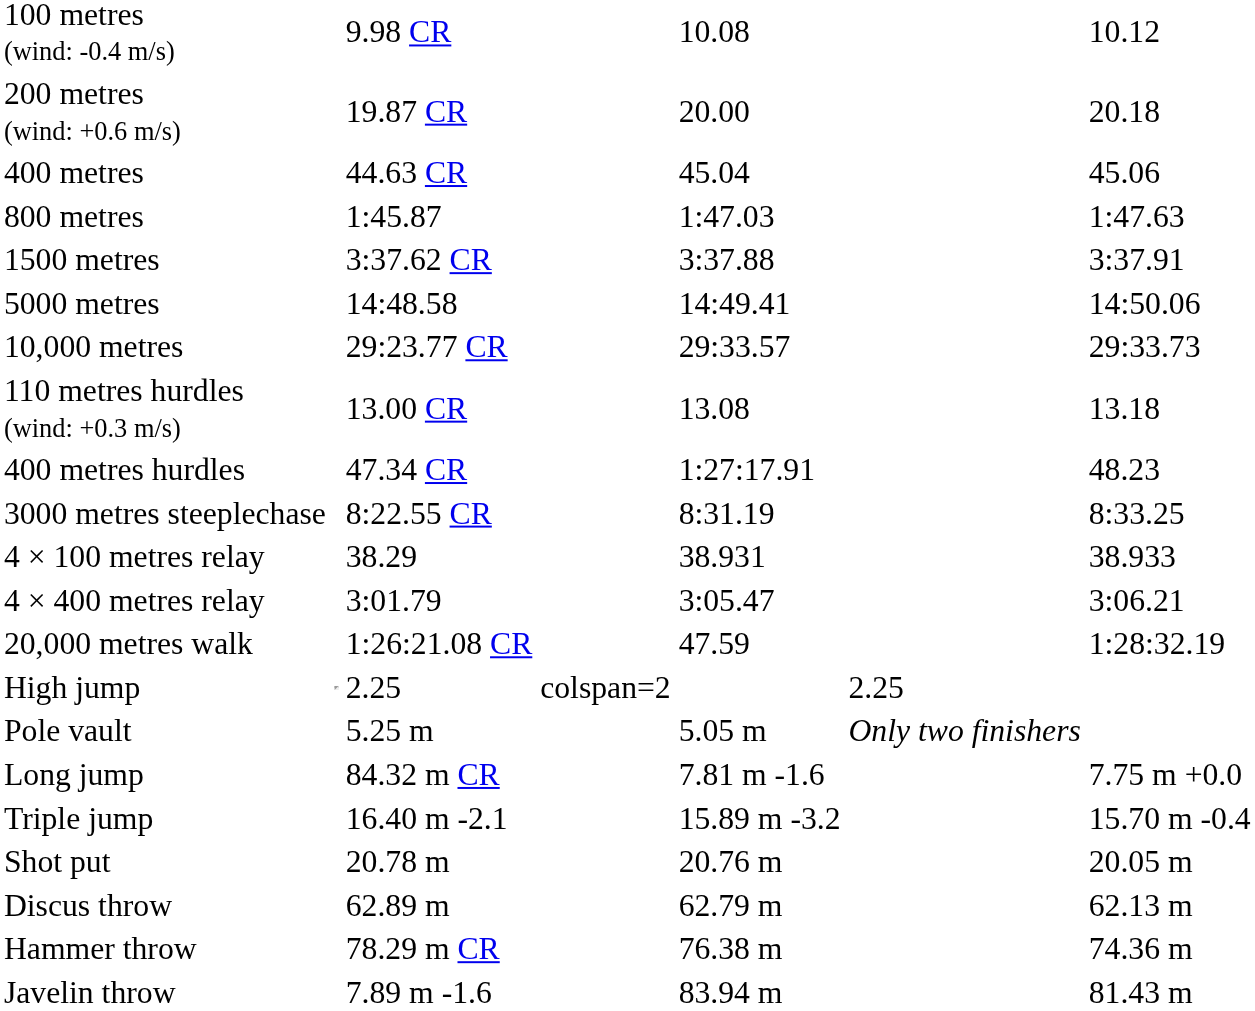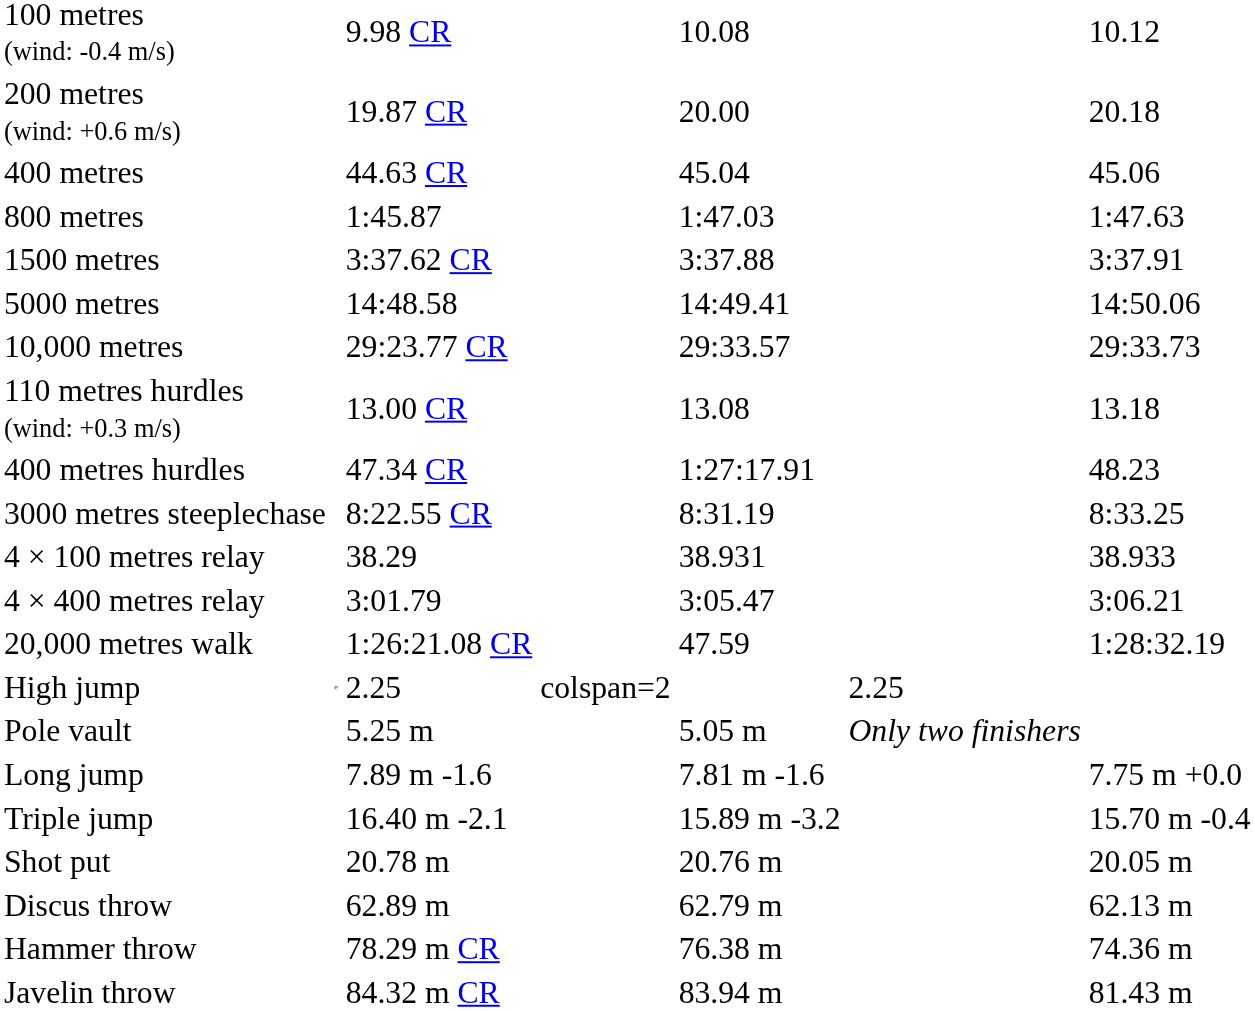 <table>
 <tr>
 <td>100 metres<br><small>(wind: -0.4 m/s)</small></td>
 <td></td>
 <td>9.98 <a href='#'>CR</a></td>
 <td></td>
 <td>10.08</td>
 <td></td>
 <td>10.12</td>
 </tr>
 <tr>
 <td>200 metres<br><small>(wind: +0.6 m/s)</small></td>
 <td></td>
 <td>19.87 <a href='#'>CR</a></td>
 <td></td>
 <td>20.00</td>
 <td></td>
 <td>20.18</td>
 </tr>
 <tr>
 <td>400 metres</td>
 <td></td>
 <td>44.63 <a href='#'>CR</a></td>
 <td></td>
 <td>45.04</td>
 <td></td>
 <td>45.06</td>
 </tr>
 <tr>
 <td>800 metres</td>
 <td></td>
 <td>1:45.87</td>
 <td></td>
 <td>1:47.03</td>
 <td></td>
 <td>1:47.63</td>
 </tr>
 <tr>
 <td>1500 metres</td>
 <td></td>
 <td>3:37.62 <a href='#'>CR</a></td>
 <td></td>
 <td>3:37.88</td>
 <td></td>
 <td>3:37.91</td>
 </tr>
 <tr>
 <td>5000 metres</td>
 <td></td>
 <td>14:48.58</td>
 <td></td>
 <td>14:49.41</td>
 <td></td>
 <td>14:50.06</td>
 </tr>
 <tr>
 <td>10,000 metres</td>
 <td></td>
 <td>29:23.77 <a href='#'>CR</a></td>
 <td></td>
 <td>29:33.57</td>
 <td></td>
 <td>29:33.73</td>
 </tr>
 <tr>
 <td>110 metres hurdles<br><small>(wind: +0.3 m/s)</small></td>
 <td></td>
 <td>13.00 <a href='#'>CR</a></td>
 <td></td>
 <td>13.08</td>
 <td></td>
 <td>13.18</td>
 </tr>
 <tr>
 <td>400 metres hurdles</td>
 <td></td>
 <td>47.34 <a href='#'>CR</a></td>
 <td></td>
 <td>1:27:17.91</td>
 <td></td>
 <td>48.23</td>
 </tr>
 <tr>
 <td>3000 metres steeplechase</td>
 <td></td>
 <td>8:22.55 <a href='#'>CR</a></td>
 <td></td>
 <td>8:31.19</td>
 <td></td>
 <td>8:33.25</td>
 </tr>
 <tr>
 <td>4 × 100 metres relay</td>
 <td></td>
 <td>38.29</td>
 <td></td>
 <td>38.931</td>
 <td></td>
 <td>38.933</td>
 </tr>
 <tr>
 <td>4 × 400 metres relay</td>
 <td></td>
 <td>3:01.79</td>
 <td></td>
 <td>3:05.47</td>
 <td></td>
 <td>3:06.21</td>
 </tr>
 <tr>
 <td>20,000 metres walk</td>
 <td></td>
 <td>1:26:21.08 <a href='#'>CR</a></td>
 <td></td>
 <td>47.59</td>
 <td></td>
 <td>1:28:32.19</td>
 </tr>
 <tr>
 <td>High jump</td>
 <td> <hr>  </td>
 <td>2.25</td>
 <td>colspan=2 </td>
 <td></td>
 <td>2.25</td>
 </tr>
 <tr>
 <td>Pole vault</td>
 <td></td>
 <td>5.25 m</td>
 <td></td>
 <td>5.05 m</td>
 <td><em>Only two finishers</em></td>
 <td></td>
 </tr>
 <tr>
 <td>Long jump</td>
 <td></td>
-<td>84.32 m <a href='#'>CR</a></td>
+<td>7.89 m -1.6</td>
 <td></td>
 <td>7.81 m -1.6</td>
 <td></td>
 <td>7.75 m +0.0</td>
 </tr>
 <tr>
 <td>Triple jump</td>
 <td></td>
 <td>16.40 m -2.1</td>
 <td></td>
 <td>15.89 m -3.2</td>
 <td></td>
 <td>15.70 m -0.4</td>
 </tr>
 <tr>
 <td>Shot put</td>
 <td></td>
 <td>20.78 m</td>
 <td></td>
 <td>20.76 m</td>
 <td></td>
 <td>20.05 m</td>
 </tr>
 <tr>
 <td>Discus throw</td>
 <td></td>
 <td>62.89 m</td>
 <td></td>
 <td>62.79 m</td>
 <td></td>
 <td>62.13 m</td>
 </tr>
 <tr>
 <td>Hammer throw</td>
 <td></td>
 <td>78.29 m <a href='#'>CR</a></td>
 <td></td>
 <td>76.38 m</td>
 <td></td>
 <td>74.36 m</td>
 </tr>
 <tr>
 <td>Javelin throw</td>
 <td></td>
-<td>7.89 m -1.6</td>
+<td>84.32 m <a href='#'>CR</a></td>
 <td></td>
 <td>83.94 m</td>
 <td></td>
 <td>81.43 m</td>
 </tr>
 </table>
